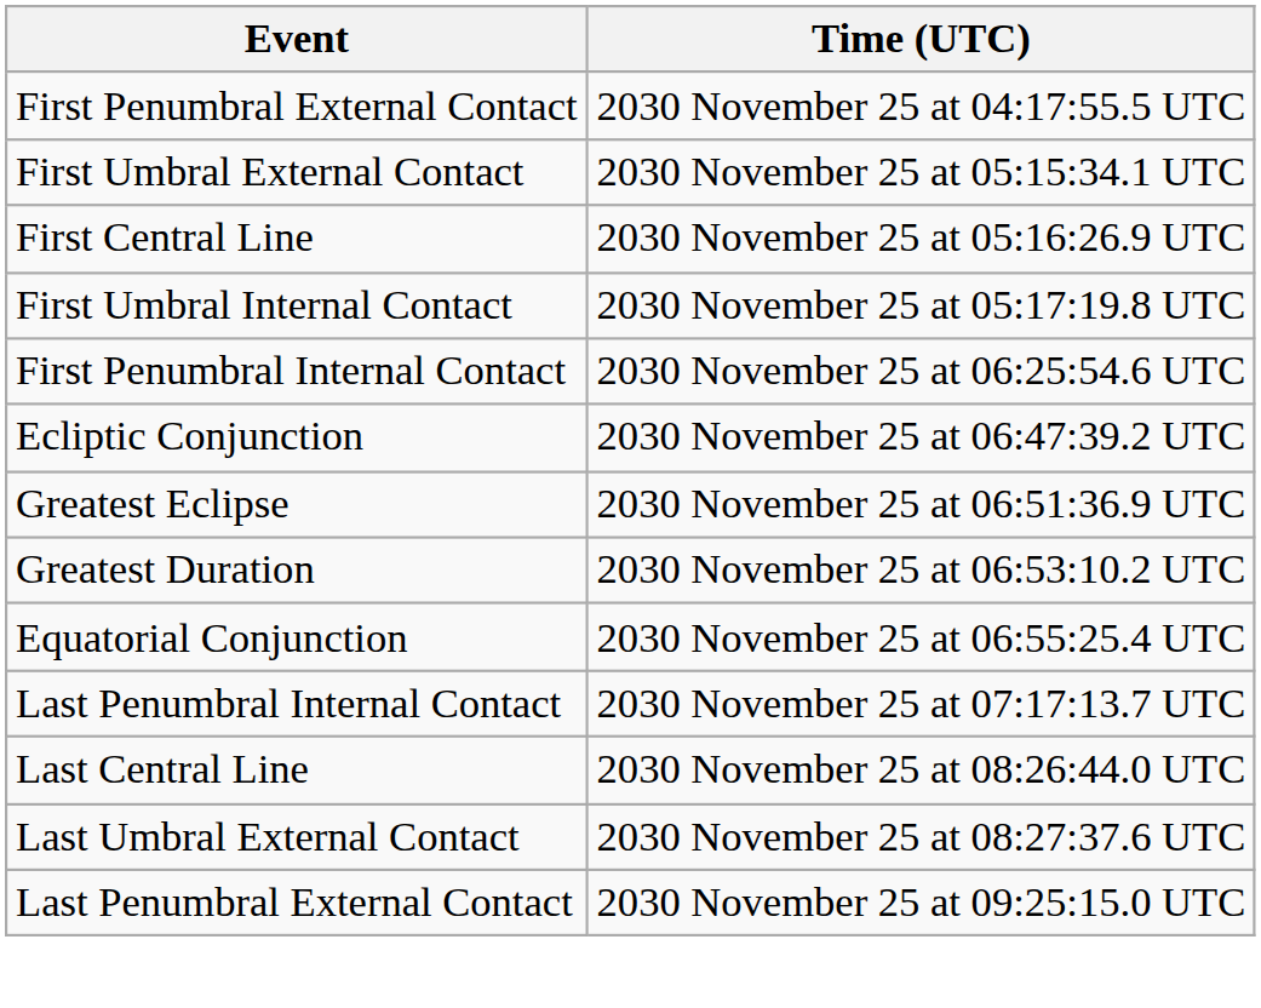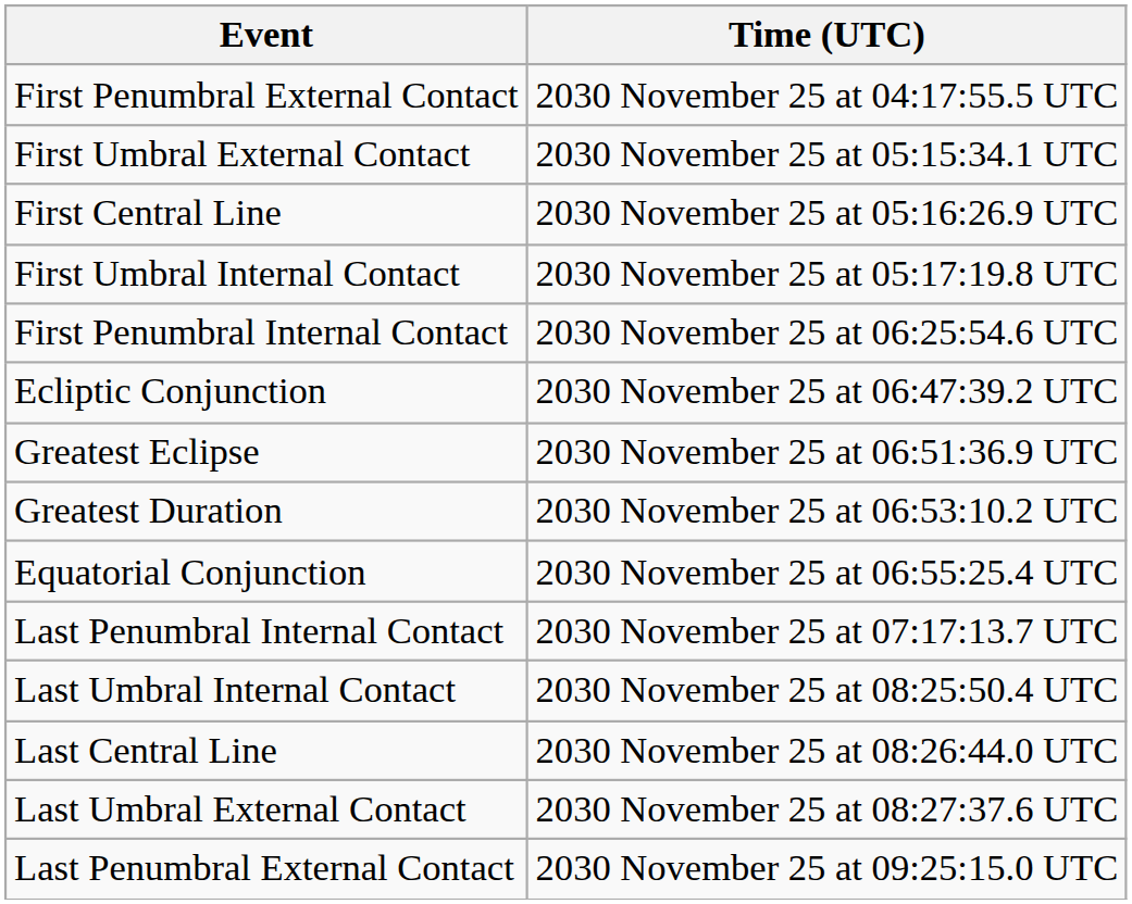 <table class="wikitable">
 <tr>
 <th>Event</th>
 <th>Time (UTC)</th>
 </tr>
 <tr>
 <td>First Penumbral External Contact</td>
 <td>2030 November 25 at 04:17:55.5 UTC</td>
 </tr>
 <tr>
 <td>First Umbral External Contact</td>
 <td>2030 November 25 at 05:15:34.1 UTC</td>
 </tr>
 <tr>
 <td>First Central Line</td>
 <td>2030 November 25 at 05:16:26.9 UTC</td>
 </tr>
 <tr>
 <td>First Umbral Internal Contact</td>
 <td>2030 November 25 at 05:17:19.8 UTC</td>
 </tr>
 <tr>
 <td>First Penumbral Internal Contact</td>
 <td>2030 November 25 at 06:25:54.6 UTC</td>
 </tr>
 <tr>
 <td>Ecliptic Conjunction</td>
 <td>2030 November 25 at 06:47:39.2 UTC</td>
 </tr>
 <tr>
 <td>Greatest Eclipse</td>
 <td>2030 November 25 at 06:51:36.9 UTC</td>
 </tr>
 <tr>
 <td>Greatest Duration</td>
 <td>2030 November 25 at 06:53:10.2 UTC</td>
 </tr>
 <tr>
 <td>Equatorial Conjunction</td>
 <td>2030 November 25 at 06:55:25.4 UTC</td>
 </tr>
 <tr>
 <td>Last Penumbral Internal Contact</td>
 <td>2030 November 25 at 07:17:13.7 UTC</td>
 </tr>
 <tr>
+<td>Last Umbral Internal Contact</td>
+<td>2030 November 25 at 08:25:50.4 UTC</td>
+</tr>
+<tr>
 <td>Last Central Line</td>
 <td>2030 November 25 at 08:26:44.0 UTC</td>
 </tr>
 <tr>
 <td>Last Umbral External Contact</td>
 <td>2030 November 25 at 08:27:37.6 UTC</td>
 </tr>
 <tr>
 <td>Last Penumbral External Contact</td>
 <td>2030 November 25 at 09:25:15.0 UTC</td>
 </tr>
 </table>
